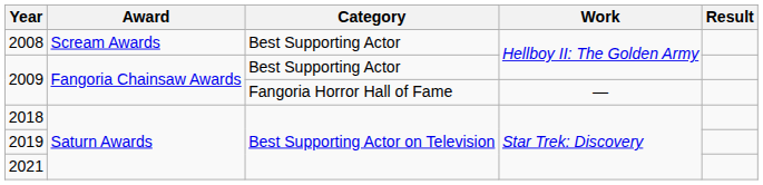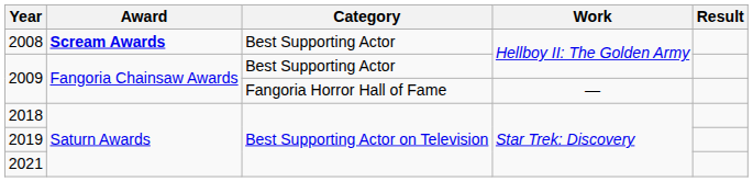 <table class="wikitable sortable">
 <tr>
 <th>Year</th>
 <th>Award</th>
 <th>Category</th>
 <th>Work</th>
 <th>Result</th>
 </tr>
 <tr>
 <td>2008</td>
-<td><a href='#'>Scream Awards</a></td>
+<td><strong><a href='#'>Scream Awards</a></strong></td>
 <td>Best Supporting Actor</td>
 <td rowspan="2"><em><a href='#'>Hellboy II: The Golden Army</a></em></td>
 <td></td>
 </tr>
 <tr>
 <td rowspan="2">2009</td>
 <td rowspan="2"><a href='#'>Fangoria Chainsaw Awards</a></td>
 <td>Best Supporting Actor</td>
 <td></td>
 </tr>
 <tr>
 <td>Fangoria Horror Hall of Fame</td>
 <td align="center">—</td>
 <td></td>
 </tr>
 <tr>
 <td>2018</td>
 <td rowspan="3"><a href='#'>Saturn Awards</a></td>
 <td rowspan="3"><a href='#'>Best Supporting Actor on Television</a></td>
 <td rowspan="3"><em><a href='#'>Star Trek: Discovery </a></em></td>
 <td></td>
 </tr>
 <tr>
 <td>2019</td>
 <td></td>
 </tr>
 <tr>
 <td>2021</td>
 <td></td>
 </tr>
 </table>
